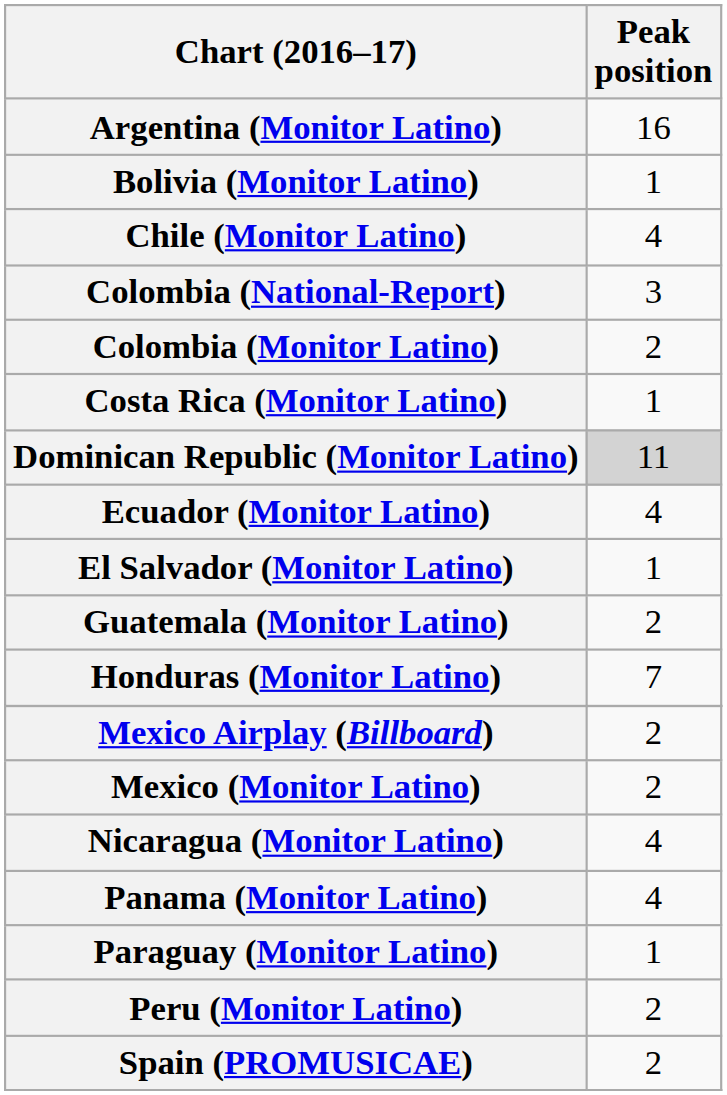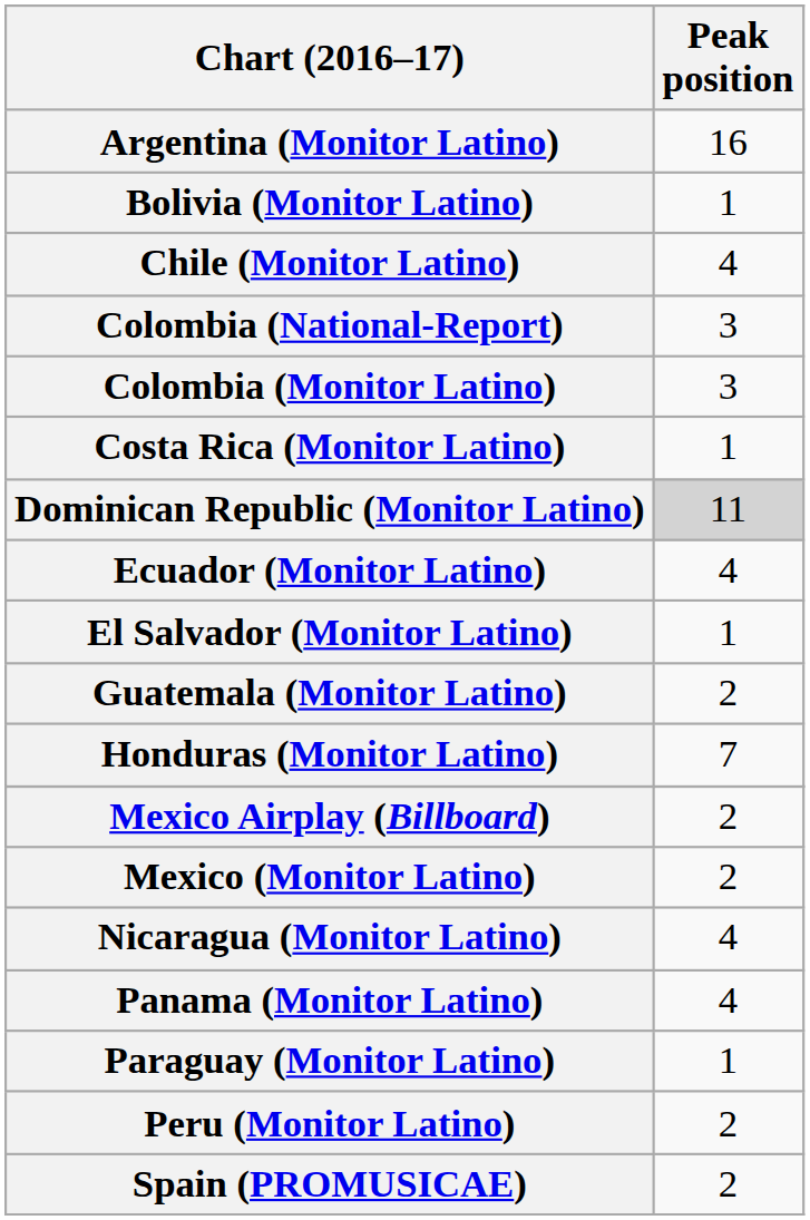 <table class="wikitable sortable plainrowheaders" style="text-align:center">
 <tr>
 <th>Chart (2016–17)</th>
 <th>Peak<br>position</th>
 </tr>
 <tr>
 <th scope="row">Argentina (<a href='#'>Monitor Latino</a>)</th>
 <td>16</td>
 </tr>
 <tr>
 <th scope="row">Bolivia (<a href='#'>Monitor Latino</a>)</th>
 <td>1</td>
 </tr>
 <tr>
 <th scope="row">Chile (<a href='#'>Monitor Latino</a>)</th>
 <td>4</td>
 </tr>
 <tr>
 <th scope="row">Colombia (<a href='#'>National-Report</a>)</th>
 <td>3</td>
 </tr>
 <tr>
 <th scope="row">Colombia (<a href='#'>Monitor Latino</a>)</th>
-<td>2</td>
+<td>3</td>
 </tr>
 <tr>
 <th scope="row">Costa Rica (<a href='#'>Monitor Latino</a>)</th>
 <td>1</td>
 </tr>
 <tr>
 <th scope="row">Dominican Republic (<a href='#'>Monitor Latino</a>)</th>
 <td style="background: lightgrey;">11</td>
 </tr>
 <tr>
 <th scope="row">Ecuador (<a href='#'>Monitor Latino</a>)</th>
 <td>4</td>
 </tr>
 <tr>
 <th scope="row">El Salvador (<a href='#'>Monitor Latino</a>)</th>
 <td>1</td>
 </tr>
 <tr>
 <th scope="row">Guatemala (<a href='#'>Monitor Latino</a>)</th>
 <td>2</td>
 </tr>
 <tr>
 <th scope="row">Honduras (<a href='#'>Monitor Latino</a>)</th>
 <td>7</td>
 </tr>
 <tr>
 </tr>
 <tr>
 <th scope="row"><a href='#'>Mexico Airplay</a> (<em><a href='#'>Billboard</a></em>)</th>
 <td>2</td>
 </tr>
 <tr>
 <th scope="row">Mexico (<a href='#'>Monitor Latino</a>)</th>
 <td>2</td>
 </tr>
 <tr>
 <th scope="row">Nicaragua (<a href='#'>Monitor Latino</a>)</th>
 <td>4</td>
 </tr>
 <tr>
 <th scope="row">Panama (<a href='#'>Monitor Latino</a>)</th>
 <td>4</td>
 </tr>
 <tr>
 <th scope="row">Paraguay (<a href='#'>Monitor Latino</a>)</th>
 <td>1</td>
 </tr>
 <tr>
 <th scope="row">Peru (<a href='#'>Monitor Latino</a>)</th>
 <td>2</td>
 </tr>
 <tr>
 <th scope="row">Spain (<a href='#'>PROMUSICAE</a>)</th>
 <td>2</td>
 </tr>
 <tr>
 </tr>
 <tr>
 </tr>
 <tr>
 </tr>
 <tr>
 </tr>
 <tr>
 </tr>
 </table>
